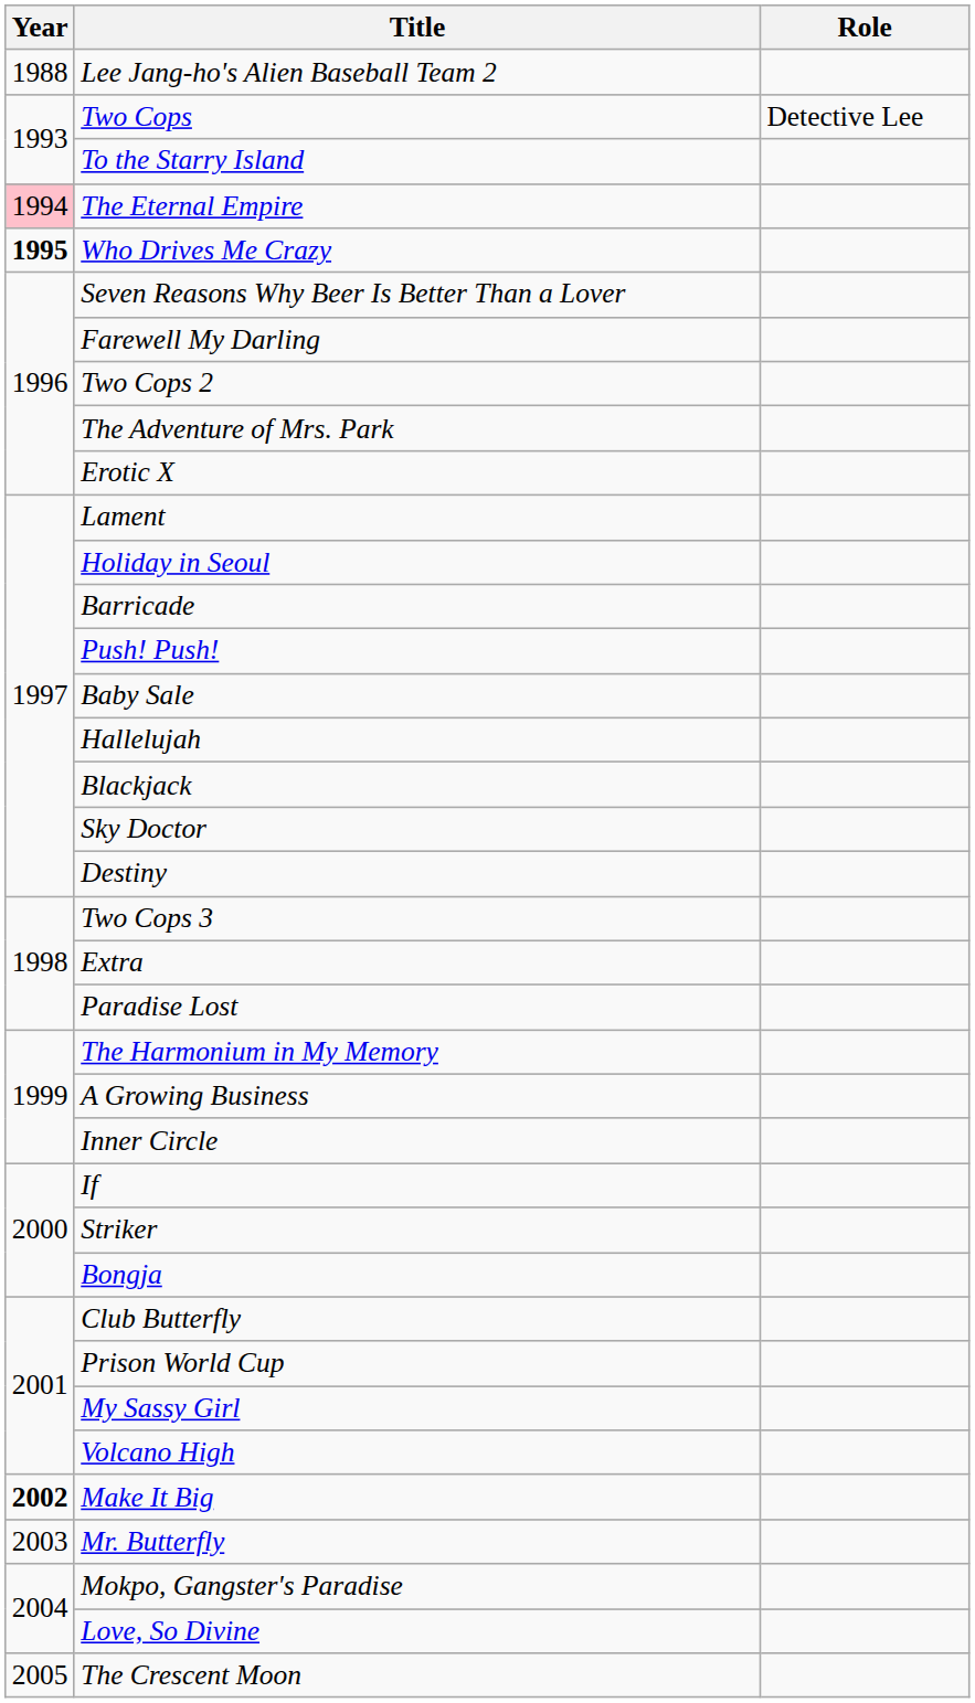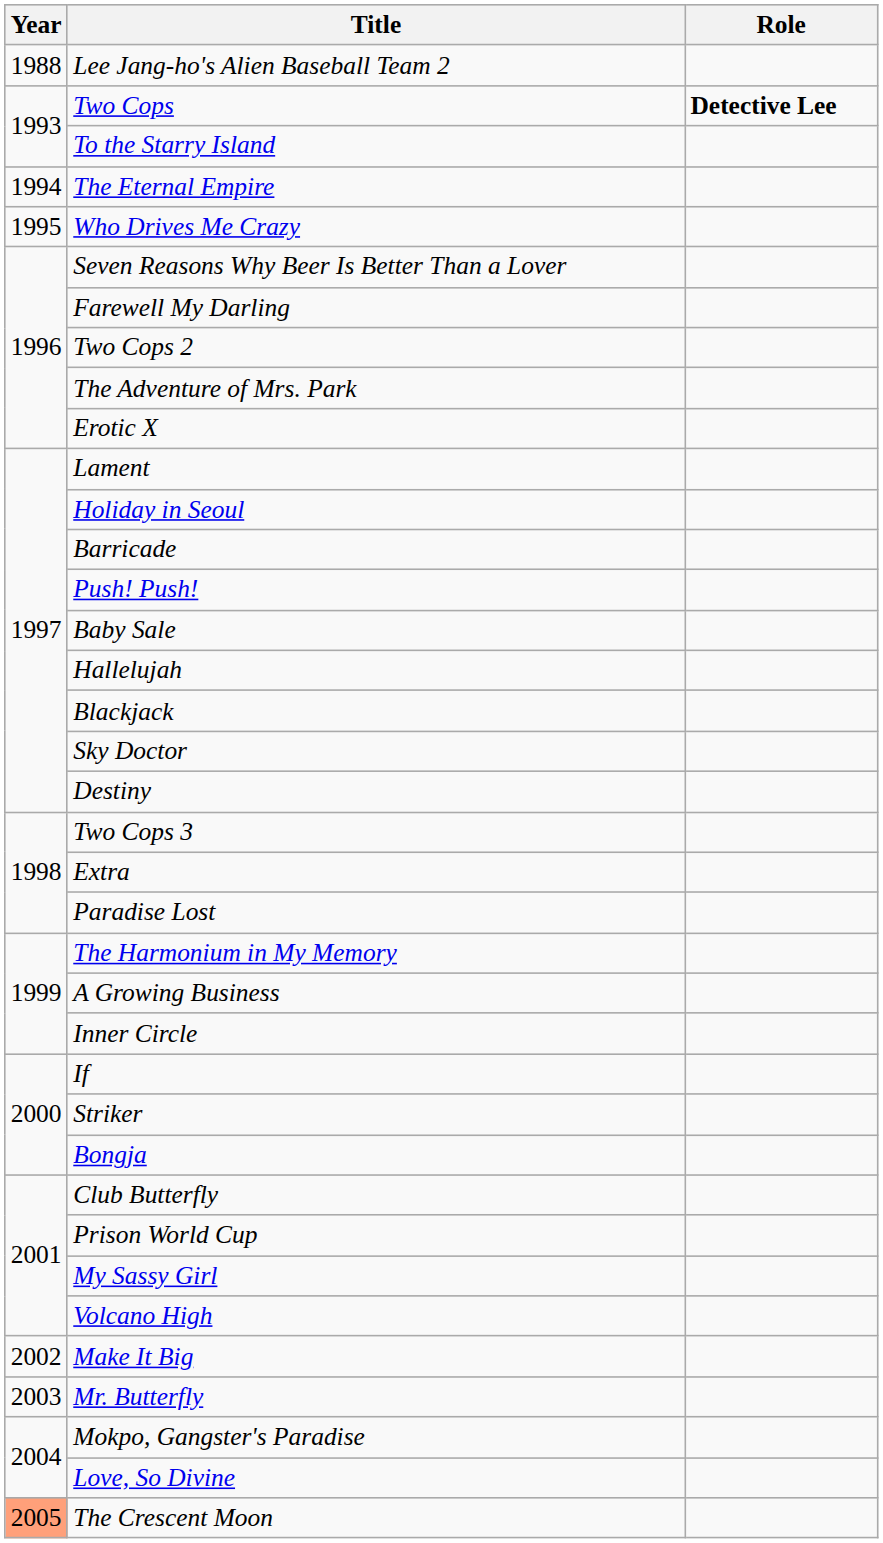 <table class="wikitable" style="width:550px">
 <tr>
 <th width=10>Year</th>
 <th>Title</th>
 <th>Role</th>
 </tr>
 <tr>
 <td>1988</td>
 <td><em>Lee Jang-ho's Alien Baseball Team 2</em></td>
 <td></td>
 </tr>
 <tr>
 <td rowspan=2>1993</td>
 <td><em><a href='#'>Two Cops</a></em></td>
-<td>Detective Lee</td>
+<td><strong>Detective Lee</strong></td>
 </tr>
 <tr>
 <td><em><a href='#'>To the Starry Island</a></em></td>
 <td></td>
 </tr>
 <tr>
-<td style="background: pink;">1994</td>
+<td>1994</td>
 <td><em><a href='#'>The Eternal Empire</a></em></td>
 <td></td>
 </tr>
 <tr>
-<td><strong>1995</strong></td>
+<td>1995</td>
 <td><em><a href='#'>Who Drives Me Crazy</a></em></td>
 <td></td>
 </tr>
 <tr>
 <td rowspan=5>1996</td>
 <td><em>Seven Reasons Why Beer Is Better Than a Lover</em></td>
 <td></td>
 </tr>
 <tr>
 <td><em>Farewell My Darling</em></td>
 <td></td>
 </tr>
 <tr>
 <td><em>Two Cops 2</em></td>
 <td></td>
 </tr>
 <tr>
 <td><em>The Adventure of Mrs. Park</em></td>
 <td></td>
 </tr>
 <tr>
 <td><em>Erotic X</em></td>
 <td></td>
 </tr>
 <tr>
 <td rowspan=9>1997</td>
 <td><em>Lament</em></td>
 <td></td>
 </tr>
 <tr>
 <td><em><a href='#'>Holiday in Seoul</a></em></td>
 <td></td>
 </tr>
 <tr>
 <td><em>Barricade</em></td>
 <td></td>
 </tr>
 <tr>
 <td><em><a href='#'>Push! Push!</a></em></td>
 <td></td>
 </tr>
 <tr>
 <td><em>Baby Sale</em></td>
 <td></td>
 </tr>
 <tr>
 <td><em>Hallelujah</em></td>
 <td></td>
 </tr>
 <tr>
 <td><em>Blackjack</em></td>
 <td></td>
 </tr>
 <tr>
 <td><em>Sky Doctor</em></td>
 <td></td>
 </tr>
 <tr>
 <td><em>Destiny</em></td>
 <td></td>
 </tr>
 <tr>
 <td rowspan=3>1998</td>
 <td><em>Two Cops 3</em></td>
 <td></td>
 </tr>
 <tr>
 <td><em>Extra</em></td>
 <td></td>
 </tr>
 <tr>
 <td><em>Paradise Lost</em></td>
 <td></td>
 </tr>
 <tr>
 <td rowspan=3>1999</td>
 <td><em><a href='#'>The Harmonium in My Memory</a></em></td>
 <td></td>
 </tr>
 <tr>
 <td><em>A Growing Business</em></td>
 <td></td>
 </tr>
 <tr>
 <td><em>Inner Circle</em></td>
 <td></td>
 </tr>
 <tr>
 <td rowspan=3>2000</td>
 <td><em>If</em></td>
 <td></td>
 </tr>
 <tr>
 <td><em>Striker</em></td>
 <td></td>
 </tr>
 <tr>
 <td><em><a href='#'>Bongja</a></em></td>
 <td></td>
 </tr>
 <tr>
 <td rowspan=4>2001</td>
 <td><em>Club Butterfly</em></td>
 <td></td>
 </tr>
 <tr>
 <td><em>Prison World Cup</em></td>
 <td></td>
 </tr>
 <tr>
 <td><em><a href='#'>My Sassy Girl</a></em></td>
 <td></td>
 </tr>
 <tr>
 <td><em><a href='#'>Volcano High</a></em></td>
 <td></td>
 </tr>
 <tr>
-<td><strong>2002</strong></td>
+<td>2002</td>
 <td><em><a href='#'>Make It Big</a></em></td>
 <td></td>
 </tr>
 <tr>
 <td>2003</td>
 <td><em><a href='#'>Mr. Butterfly</a></em></td>
 <td></td>
 </tr>
 <tr>
 <td rowspan=2>2004</td>
 <td><em>Mokpo, Gangster's Paradise</em></td>
 <td></td>
 </tr>
 <tr>
 <td><em><a href='#'>Love, So Divine</a></em></td>
 <td></td>
 </tr>
 <tr>
-<td>2005</td>
+<td style="background: lightsalmon;">2005</td>
 <td><em>The Crescent Moon</em></td>
 <td></td>
 </tr>
 </table>
